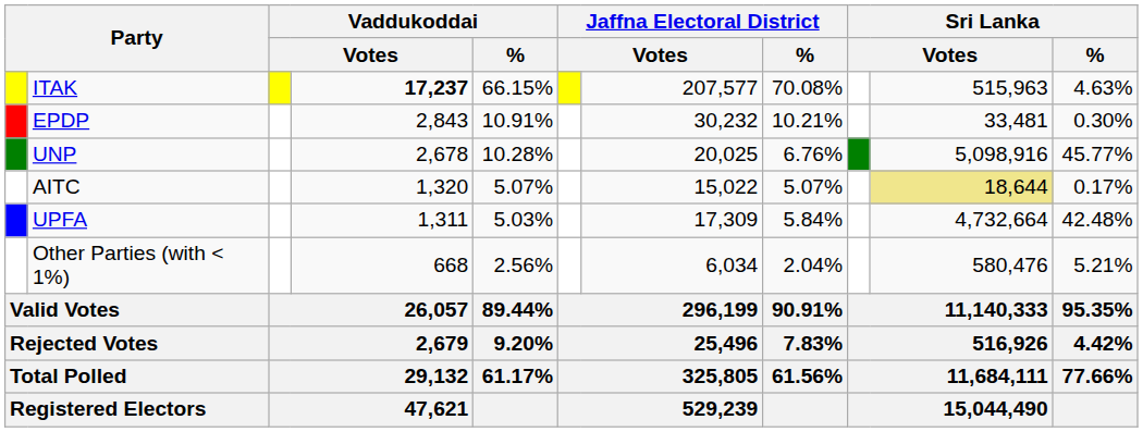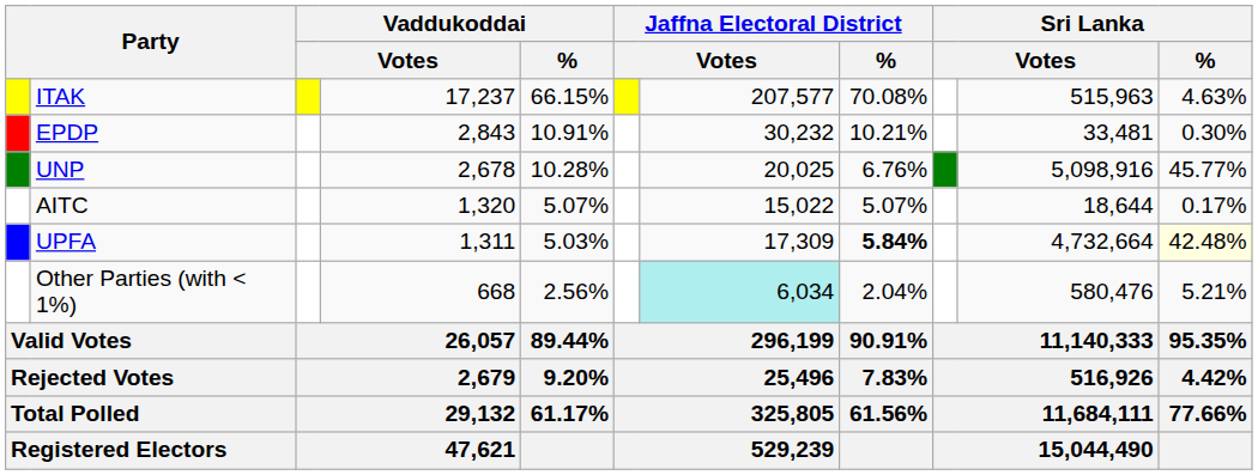 <table class="wikitable">
 <tr>
 <th colspan="2" width="144px"rowspan="2">Party</th>
 <th colspan="3" width="216px">Vaddukoddai</th>
 <th colspan="3" width="216px"><a href='#'>Jaffna Electoral District</a></th>
 <th colspan="3" width="216px">Sri Lanka</th>
 </tr>
 <tr>
 <th colspan="2" width="144px">Votes</th>
 <th>%</th>
 <th colspan="2" width="144px">Votes</th>
 <th>%</th>
 <th colspan="2" width="144px">Votes</th>
 <th>%</th>
 </tr>
 <tr>
 <td style="background-color:yellow;" width="10px"></td>
 <td style="text-align:left;"><a href='#'>ITAK</a></td>
 <td style="background-color:yellow;" width="10px"></td>
-<td style="text-align:right;"><strong>17,237</strong></td>
+<td style="text-align:right;">17,237</td>
 <td style="text-align:right;">66.15%</td>
 <td style="background-color:yellow;" width="10px"></td>
 <td style="text-align:right;">207,577</td>
 <td style="text-align:right;">70.08%</td>
 <td style="background-color:white;" width="10px"></td>
 <td style="text-align:right;">515,963</td>
 <td style="text-align:right;">4.63%</td>
 </tr>
 <tr>
 <td style="background-color:red;" width="10px"></td>
 <td style="text-align:left;"><a href='#'>EPDP</a></td>
 <td style="background-color:white;" width="10px"></td>
 <td style="text-align:right;">2,843</td>
 <td style="text-align:right;">10.91%</td>
 <td style="background-color:white;" width="10px"></td>
 <td style="text-align:right;">30,232</td>
 <td style="text-align:right;">10.21%</td>
 <td style="background-color:white;" width="10px"></td>
 <td style="text-align:right;">33,481</td>
 <td style="text-align:right;">0.30%</td>
 </tr>
 <tr>
 <td style="background-color:green;" width="10px"></td>
 <td style="text-align:left;"><a href='#'>UNP</a></td>
 <td style="background-color:white;" width="10px"></td>
 <td style="text-align:right;">2,678</td>
 <td style="text-align:right;">10.28%</td>
 <td style="background-color:white;" width="10px"></td>
 <td style="text-align:right;">20,025</td>
 <td style="text-align:right;">6.76%</td>
 <td style="background-color:green;" width="10px"></td>
 <td style="text-align:right;">5,098,916</td>
 <td style="text-align:right;">45.77%</td>
 </tr>
 <tr>
 <td style="background-color:white;" width="10px"></td>
 <td style="text-align:left;">AITC</td>
 <td style="background-color:white;" width="10px"></td>
 <td style="text-align:right;">1,320</td>
 <td style="text-align:right;">5.07%</td>
 <td style="background-color:white;" width="10px"></td>
 <td style="text-align:right;">15,022</td>
 <td style="text-align:right;">5.07%</td>
 <td style="background-color:white;" width="10px"></td>
-<td style="background: khaki; text-align:right;">18,644</td>
+<td style="text-align:right;">18,644</td>
 <td style="text-align:right;">0.17%</td>
 </tr>
 <tr>
 <td style="background-color:blue;" width="10px"></td>
 <td style="text-align:left;"><a href='#'>UPFA</a></td>
 <td style="background-color:white;" width="10px"></td>
 <td style="text-align:right;">1,311</td>
 <td style="text-align:right;">5.03%</td>
 <td style="background-color:white;" width="10px"></td>
 <td style="text-align:right;">17,309</td>
-<td style="text-align:right;">5.84%</td>
+<td style="text-align:right;"><strong>5.84%</strong></td>
 <td style="background-color:white;" width="10px"></td>
 <td style="text-align:right;">4,732,664</td>
-<td style="text-align:right;">42.48%</td>
+<td style="background: lightyellow; text-align:right;">42.48%</td>
 </tr>
 <tr>
 <td style="background-color:white;" width="10px"></td>
 <td style="text-align:left;">Other Parties (with < 1%)</td>
 <td style="background-color:white;" width="10px"></td>
 <td style="text-align:right;">668</td>
 <td style="text-align:right;">2.56%</td>
 <td style="background-color:white;" width="10px"></td>
-<td style="text-align:right;">6,034</td>
+<td style="background: paleturquoise; text-align:right;">6,034</td>
 <td style="text-align:right;">2.04%</td>
 <td style="background-color:white;" width="10px"></td>
 <td style="text-align:right;">580,476</td>
 <td style="text-align:right;">5.21%</td>
 </tr>
 <tr>
 <th colspan="2" width="144px"style="text-align:left;">Valid Votes</th>
 <th style="text-align:right;"colspan="2" width="144px">26,057</th>
 <th style="text-align:right;">89.44%</th>
 <th style="text-align:right;"colspan="2" width="144px">296,199</th>
 <th style="text-align:right;">90.91%</th>
 <th style="text-align:right;"colspan="2" width="144px">11,140,333</th>
 <th style="text-align:right;">95.35%</th>
 </tr>
 <tr>
 <th colspan="2" width="144px"style="text-align:left;">Rejected Votes</th>
 <th style="text-align:right;"colspan="2" width="144px">2,679</th>
 <th style="text-align:right;">9.20%</th>
 <th style="text-align:right;"colspan="2" width="144px">25,496</th>
 <th style="text-align:right;">7.83%</th>
 <th style="text-align:right;"colspan="2" width="144px">516,926</th>
 <th style="text-align:right;">4.42%</th>
 </tr>
 <tr>
 <th colspan="2" width="144px"style="text-align:left;">Total Polled</th>
 <th style="text-align:right;"colspan="2" width="144px">29,132</th>
 <th style="text-align:right;">61.17%</th>
 <th style="text-align:right;"colspan="2" width="144px">325,805</th>
 <th style="text-align:right;">61.56%</th>
 <th style="text-align:right;"colspan="2" width="144px">11,684,111</th>
 <th style="text-align:right;">77.66%</th>
 </tr>
 <tr>
 <th colspan="2" width="144px"style="text-align:left;">Registered Electors</th>
 <th style="text-align:right;"colspan="2" width="144px">47,621</th>
 <th></th>
 <th style="text-align:right;"colspan="2" width="144px">529,239</th>
 <th></th>
 <th style="text-align:right;"colspan="2" width="144px">15,044,490</th>
 <th></th>
 </tr>
 </table>
